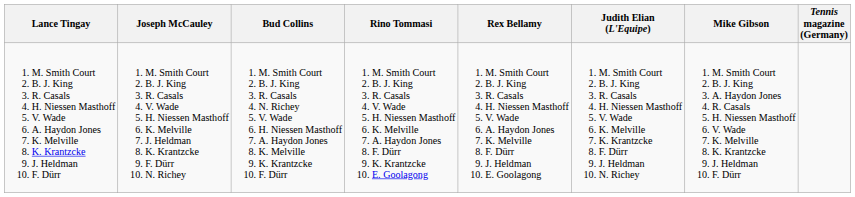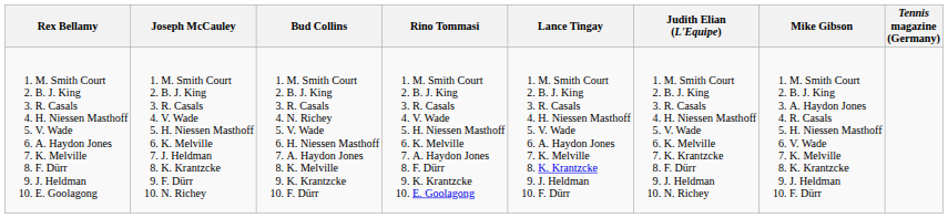 <table class="wikitable">
 <tr>
-<th>Lance Tingay<strong></strong></th>
+<th>Rex Bellamy</th>
 <th>Joseph McCauley</th>
 <th>Bud Collins</th>
 <th>Rino Tommasi</th>
-<th>Rex Bellamy</th>
+<th>Lance Tingay<strong></strong></th>
 <th>Judith Elian<em></em><br>(<em>L'Equipe</em>)</th>
 <th>Mike Gibson<em></em></th>
 <th><em>Tennis</em> magazine<em></em><br>(Germany)</th>
 </tr>
 <tr style="vertical-align: top;">
-<td style="white-space: nowrap;"><br><ol><li> M. Smith Court</li><li> B. J. King</li><li> R. Casals</li><li> H. Niessen Masthoff</li><li> V. Wade</li><li> A. Haydon Jones</li><li> K. Melville</li><li> <a href='#'>K. Krantzcke</a></li><li> J. Heldman</li><li> F. Dürr</li></ol></td>
+<td style="white-space: nowrap;"><br><ol><li> M. Smith Court</li><li> B. J. King</li><li> R. Casals</li><li> H. Niessen Masthoff</li><li> V. Wade</li><li> A. Haydon Jones</li><li> K. Melville</li><li> F. Dürr</li><li> J. Heldman</li><li> E. Goolagong</li></ol></td>
 <td style="white-space: nowrap;"><br><ol><li> M. Smith Court</li><li> B. J. King</li><li> R. Casals</li><li> V. Wade</li><li> H. Niessen Masthoff</li><li> K. Melville</li><li> J. Heldman</li><li> K. Krantzcke</li><li> F. Dürr</li><li> N. Richey</li></ol></td>
 <td style="white-space: nowrap;"><br><ol><li> M. Smith Court</li><li> B. J. King</li><li> R. Casals</li><li> N. Richey</li><li> V. Wade</li><li> H. Niessen Masthoff</li><li> A. Haydon Jones</li><li> K. Melville</li><li> K. Krantzcke</li><li> F. Dürr</li></ol></td>
 <td style="white-space: nowrap;"><br><ol><li> M. Smith Court</li><li> B. J. King</li><li> R. Casals</li><li> V. Wade</li><li> H. Niessen Masthoff</li><li> K. Melville</li><li> A. Haydon Jones</li><li> F. Dürr</li><li> K. Krantzcke</li><li> <a href='#'>E. Goolagong</a></li></ol></td>
-<td style="white-space: nowrap;"><br><ol><li> M. Smith Court</li><li> B. J. King</li><li> R. Casals</li><li> H. Niessen Masthoff</li><li> V. Wade</li><li> A. Haydon Jones</li><li> K. Melville</li><li> F. Dürr</li><li> J. Heldman</li><li> E. Goolagong</li></ol></td>
+<td style="white-space: nowrap;"><br><ol><li> M. Smith Court</li><li> B. J. King</li><li> R. Casals</li><li> H. Niessen Masthoff</li><li> V. Wade</li><li> A. Haydon Jones</li><li> K. Melville</li><li> <a href='#'>K. Krantzcke</a></li><li> J. Heldman</li><li> F. Dürr</li></ol></td>
 <td style="white-space: nowrap;"><br><ol><li> M. Smith Court</li><li> B. J. King</li><li> R. Casals</li><li> H. Niessen Masthoff</li><li> V. Wade</li><li> K. Melville</li><li> K. Krantzcke</li><li> F. Dürr</li><li> J. Heldman</li><li> N. Richey</li></ol></td>
 <td style="white-space: nowrap;"><br><ol><li> M. Smith Court</li><li> B. J. King</li><li> A. Haydon Jones</li><li> R. Casals</li><li> H. Niessen Masthoff</li><li> V. Wade</li><li> K. Melville</li><li> K. Krantzcke</li><li> J. Heldman</li><li> F. Dürr</li></ol></td>
 <td style="white-space: nowrap;"><br></td>
 </tr>
 </table>
